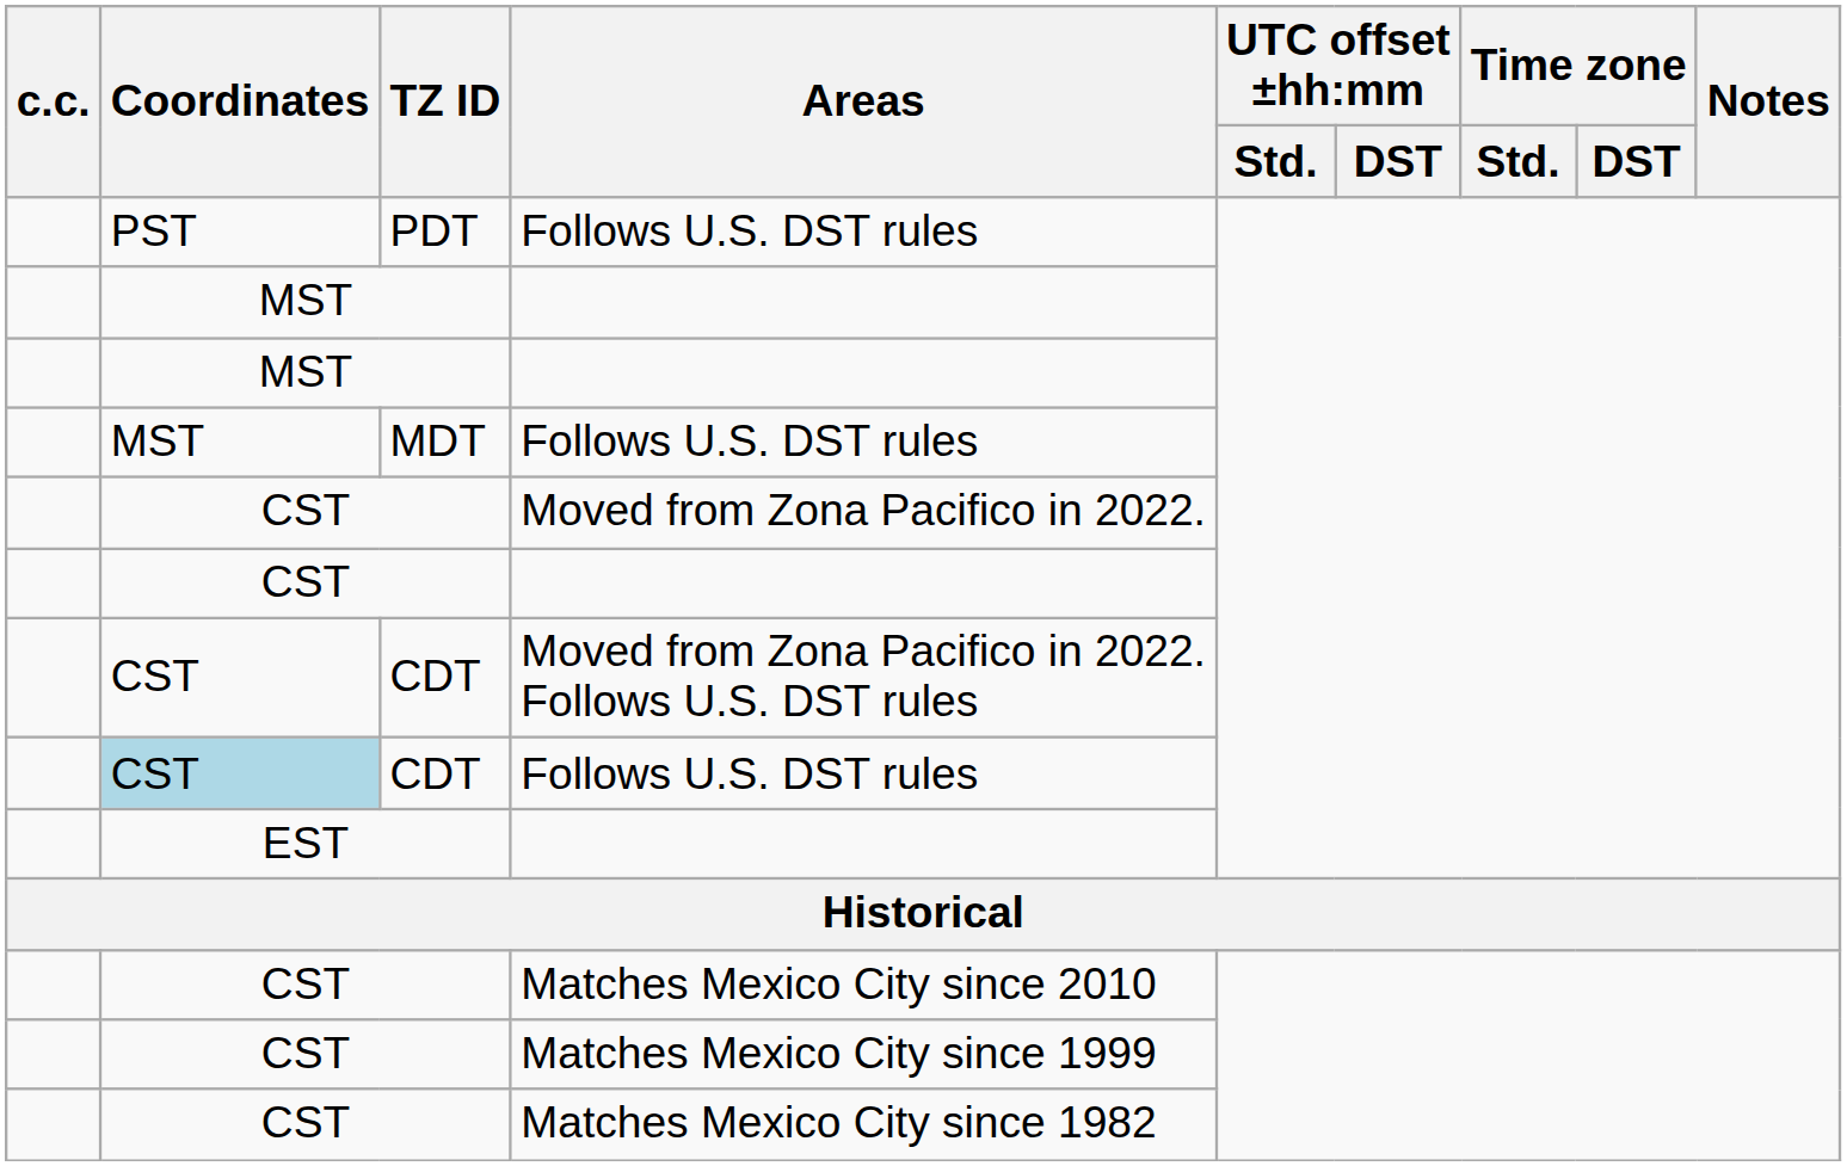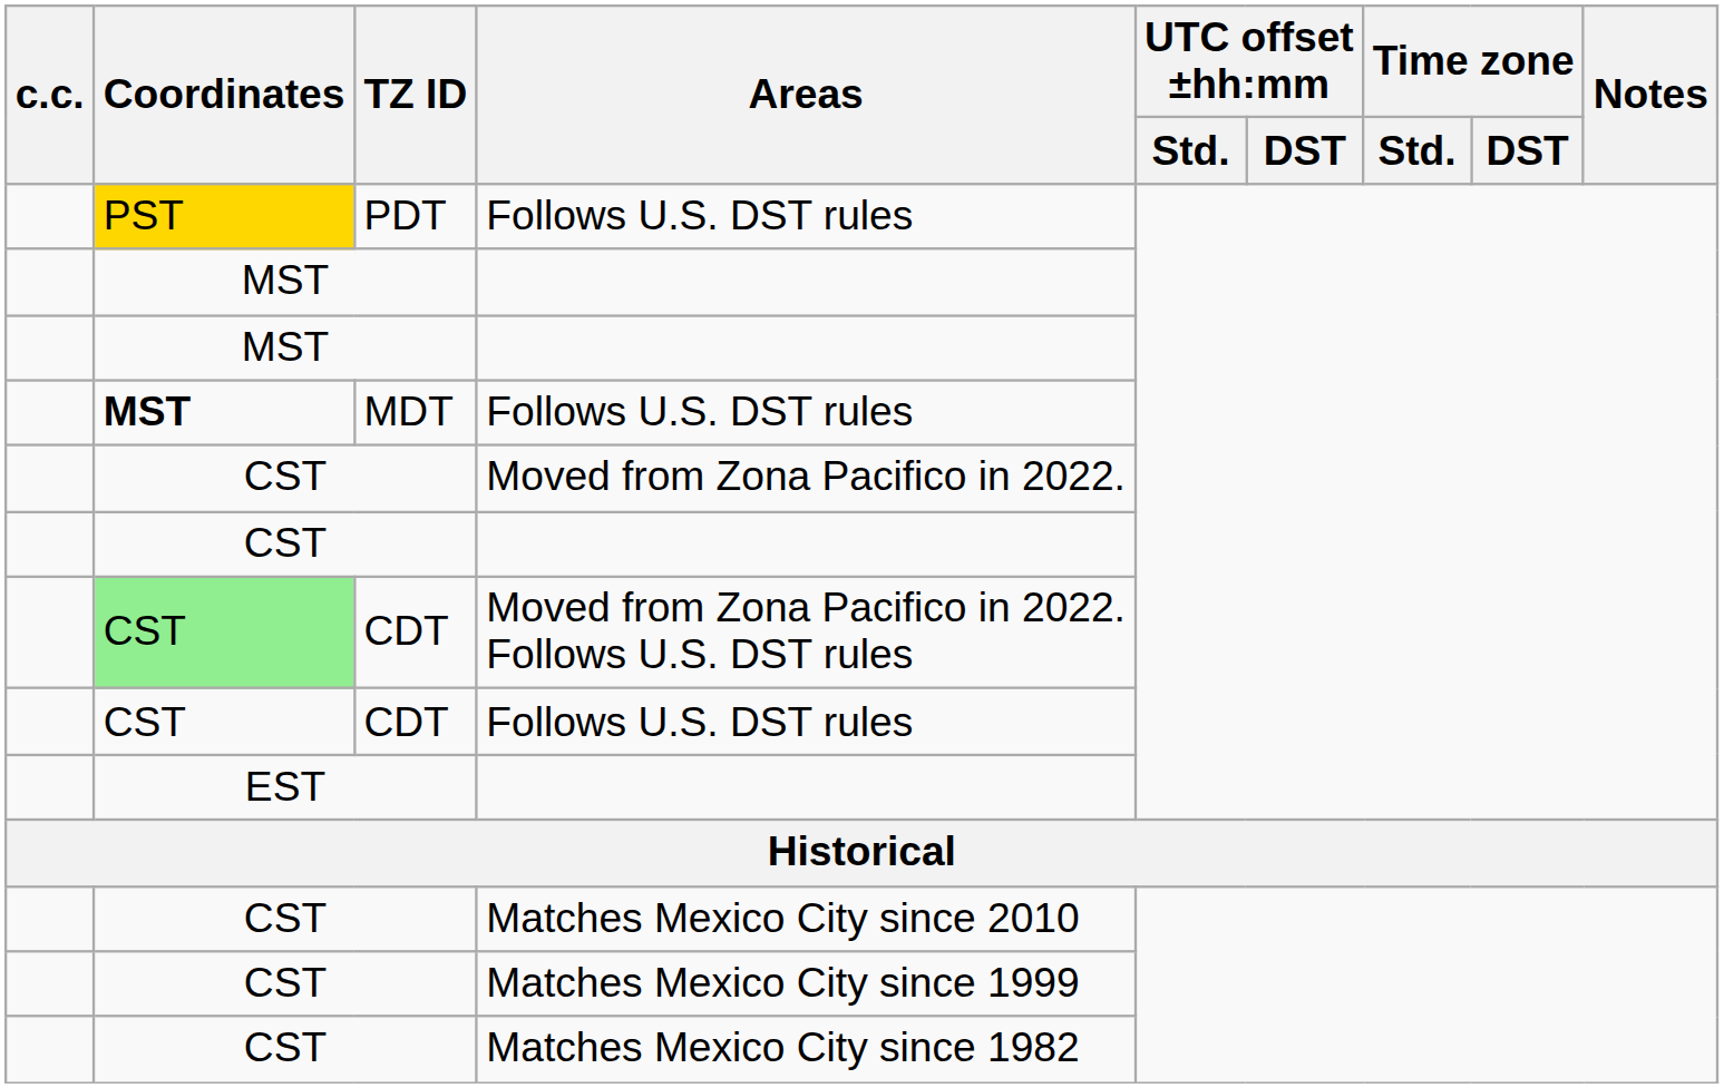 <table class="wikitable">
 <tr>
 <th rowspan=2>c.c.</th>
 <th rowspan=2>Coordinates</th>
 <th rowspan=2>TZ ID</th>
 <th rowspan=2>Areas</th>
 <th colspan=2>UTC offset<br>±hh:mm</th>
 <th colspan=2>Time zone</th>
 <th rowspan=2>Notes</th>
 </tr>
 <tr --->
 <th>Std.</th>
 <th>DST</th>
 <th>Std.</th>
 <th>DST</th>
 </tr>
 <tr --->
 <td></td>
-<td>PST</td>
+<td style="background: gold;">PST</td>
 <td>PDT</td>
 <td>Follows U.S. DST rules</td>
 </tr>
 <tr --->
 <td></td>
 <td colspan=2 align=center>MST</td>
 <td></td>
 </tr>
 <tr --->
 <td></td>
 <td colspan=2 align=center>MST</td>
 <td></td>
 </tr>
 <tr --->
 <td></td>
-<td>MST</td>
+<td><strong>MST</strong></td>
 <td>MDT</td>
 <td>Follows U.S. DST rules</td>
 </tr>
 <tr --->
 <td></td>
 <td colspan=2 align=center>CST</td>
 <td>Moved from Zona Pacifico in 2022.</td>
 </tr>
 <tr --->
 <td></td>
 <td colspan=2 align=center>CST</td>
 <td></td>
 </tr>
 <tr --->
 <td></td>
-<td>CST</td>
+<td style="background: lightgreen;">CST</td>
 <td>CDT</td>
 <td>Moved from Zona Pacifico in 2022.<br>Follows U.S. DST rules</td>
 </tr>
 <tr --->
 <td></td>
-<td style="background: lightblue;">CST</td>
+<td>CST</td>
 <td>CDT</td>
 <td>Follows U.S. DST rules</td>
 </tr>
 <tr --->
 <td></td>
 <td colspan=2 align=center>EST</td>
 <td></td>
 </tr>
 <tr --->
 <th colspan=9>Historical</th>
 </tr>
 <tr --->
 <td></td>
 <td colspan=2 align=center>CST</td>
 <td>Matches Mexico City since 2010</td>
 </tr>
 <tr --->
 <td></td>
 <td colspan=2 align=center>CST</td>
 <td>Matches Mexico City since 1999</td>
 </tr>
 <tr --->
 <td></td>
 <td colspan=2 align=center>CST</td>
 <td>Matches Mexico City since 1982</td>
 </tr>
 </table>
